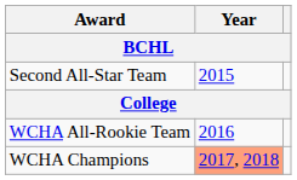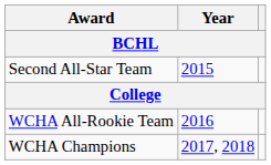 <table class="wikitable">
 <tr>
 <th>Award</th>
 <th>Year</th>
 <th></th>
 </tr>
 <tr ALIGN="center" bgcolor="#e0e0e0">
 <th colspan="3"><a href='#'>BCHL</a></th>
 </tr>
 <tr>
 <td>Second All-Star Team</td>
 <td><a href='#'>2015</a></td>
 <td></td>
 </tr>
 <tr ALIGN="center" bgcolor="#e0e0e0">
 <th colspan="3"><a href='#'>College</a></th>
 </tr>
 <tr>
 <td><a href='#'>WCHA</a> All-Rookie Team</td>
 <td><a href='#'>2016</a></td>
 <td></td>
 </tr>
 <tr>
 <td>WCHA Champions</td>
-<td style="background: lightsalmon;"><a href='#'>2017</a>, <a href='#'>2018</a></td>
+<td><a href='#'>2017</a>, <a href='#'>2018</a></td>
 <td></td>
 </tr>
 </table>
